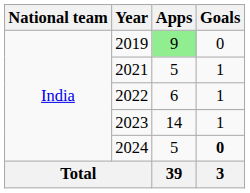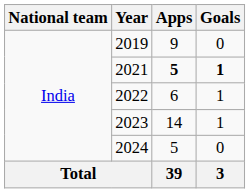 <table class="wikitable" style="text-align: center;">
 <tr>
 <th>National team</th>
 <th>Year</th>
 <th>Apps</th>
 <th>Goals</th>
 </tr>
 <tr>
 <td rowspan="5"><a href='#'>India</a></td>
 <td>2019</td>
-<td style="background: lightgreen;">9</td>
+<td>9</td>
 <td>0</td>
 </tr>
 <tr>
 <td>2021</td>
-<td>5</td>
-<td>1</td>
+<td><strong>5</strong></td>
+<td><strong>1</strong></td>
 </tr>
 <tr>
 <td>2022</td>
 <td>6</td>
 <td>1</td>
 </tr>
 <tr>
 <td>2023</td>
 <td>14</td>
 <td>1</td>
 </tr>
 <tr>
 <td>2024</td>
 <td>5</td>
-<td><strong>0</strong></td>
+<td>0</td>
 </tr>
 <tr>
 <th colspan="2">Total</th>
 <th>39</th>
 <th>3</th>
 </tr>
 </table>
